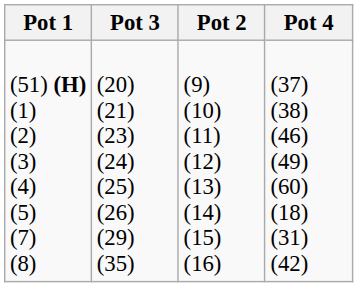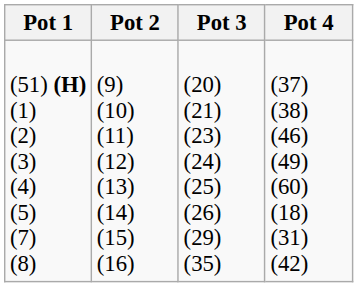 <table class="wikitable">
 <tr>
 <th width=25%>Pot 1</th>
+<th width=25%>Pot 2</th>
 <th width=25%>Pot 3</th>
-<th width=25%>Pot 2</th>
 <th width=25%>Pot 4</th>
 </tr>
 <tr>
 <td><br> (51) <strong>(H)</strong><br>  (1)<br>  (2)<br>  (3)<br>  (4)<br>  (5)<br>  (7)<br>  (8)</td>
+<td><br> (9)<br>  (10)<br>  (11)<br>  (12)<br>  (13)<br>  (14)<br>  (15)<br>  (16)</td>
 <td><br> (20)<br>  (21)<br>  (23)<br>  (24)<br>  (25)<br>  (26)<br>  (29)<br>  (35)</td>
-<td><br> (9)<br>  (10)<br>  (11)<br>  (12)<br>  (13)<br>  (14)<br>  (15)<br>  (16)</td>
 <td><br> (37)<br>  (38)<br>  (46)<br>  (49)<br>  (60)<br>  (18)<br>  (31)<br>  (42)</td>
 </tr>
 </table>
